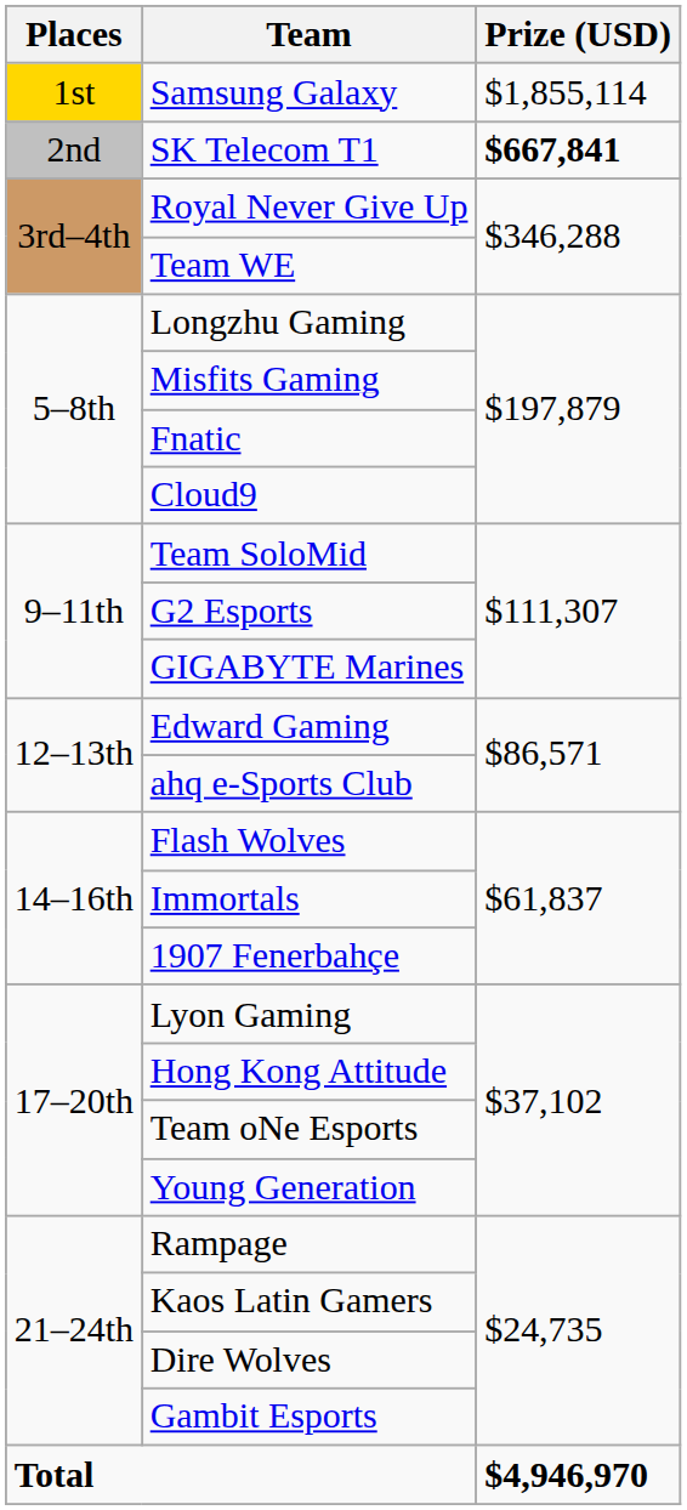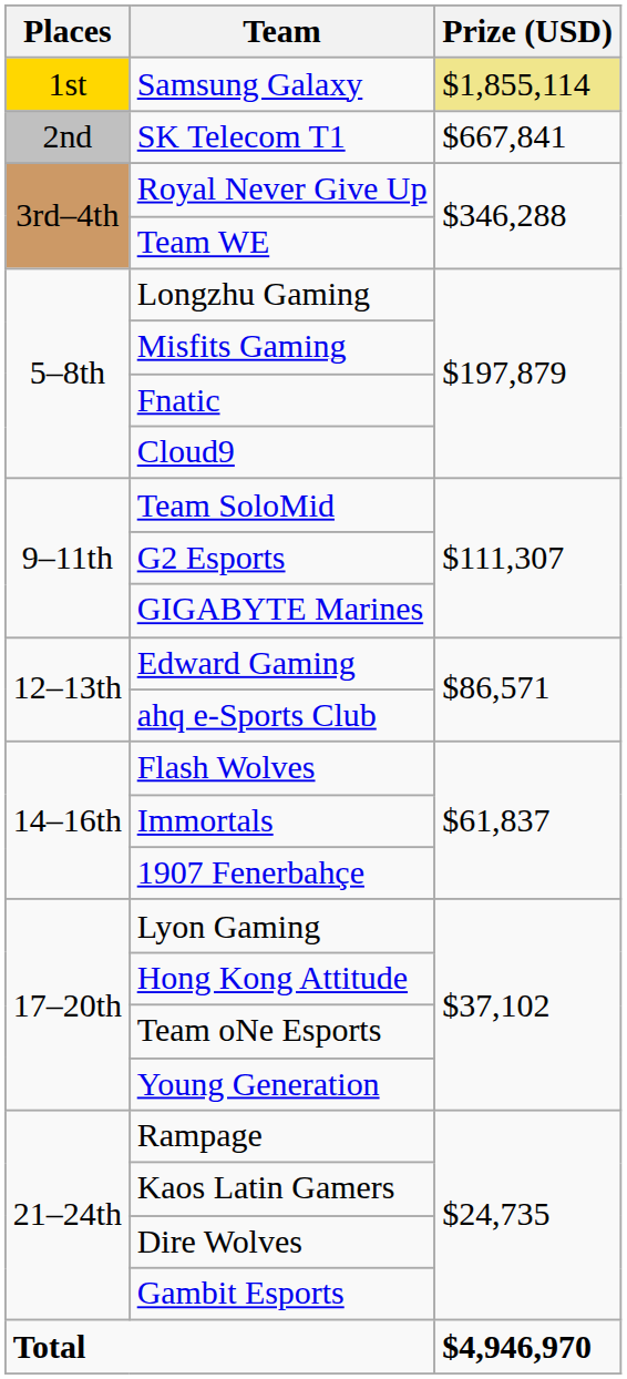 <table class="wikitable" style="text-align:left">
 <tr>
 <th>Places</th>
 <th>Team</th>
 <th>Prize (USD)</th>
 </tr>
 <tr>
 <td style="text-align:center; background:gold;">1st</td>
 <td><a href='#'>Samsung Galaxy</a></td>
-<td>$1,855,114</td>
+<td style="background: khaki;">$1,855,114</td>
 </tr>
 <tr>
 <td style="text-align:center; background:silver;">2nd</td>
 <td><a href='#'>SK Telecom T1</a></td>
-<td><strong>$667,841</strong></td>
+<td>$667,841</td>
 </tr>
 <tr>
 <td rowspan="2" style="text-align:center; background:#c96;">3rd–4th</td>
 <td><a href='#'>Royal Never Give Up</a></td>
 <td rowspan="2">$346,288</td>
 </tr>
 <tr>
 <td><a href='#'>Team WE</a></td>
 </tr>
 <tr>
 <td rowspan="4" style="text-align:center">5–8th</td>
 <td>Longzhu Gaming</td>
 <td rowspan="4">$197,879</td>
 </tr>
 <tr>
 <td><a href='#'>Misfits Gaming</a></td>
 </tr>
 <tr>
 <td><a href='#'>Fnatic</a></td>
 </tr>
 <tr>
 <td><a href='#'>Cloud9</a></td>
 </tr>
 <tr>
 <td rowspan="3" style="text-align:center">9–11th</td>
 <td><a href='#'>Team SoloMid</a></td>
 <td rowspan="3">$111,307</td>
 </tr>
 <tr>
 <td><a href='#'>G2 Esports</a></td>
 </tr>
 <tr>
 <td><a href='#'>GIGABYTE Marines</a></td>
 </tr>
 <tr>
 <td rowspan="2" style="text-align:center">12–13th</td>
 <td><a href='#'>Edward Gaming</a></td>
 <td rowspan="2">$86,571</td>
 </tr>
 <tr>
 <td><a href='#'>ahq e-Sports Club</a></td>
 </tr>
 <tr>
 <td rowspan="3" style="text-align:center">14–16th</td>
 <td><a href='#'>Flash Wolves</a></td>
 <td rowspan="3">$61,837</td>
 </tr>
 <tr>
 <td><a href='#'>Immortals</a></td>
 </tr>
 <tr>
 <td><a href='#'>1907 Fenerbahçe</a></td>
 </tr>
 <tr>
 <td rowspan="4" style="text-align:center">17–20th</td>
 <td>Lyon Gaming</td>
 <td rowspan="4">$37,102</td>
 </tr>
 <tr>
 <td><a href='#'>Hong Kong Attitude</a></td>
 </tr>
 <tr>
 <td>Team oNe Esports</td>
 </tr>
 <tr>
 <td><a href='#'>Young Generation</a></td>
 </tr>
 <tr>
 <td rowspan="4" style="text-align:center">21–24th</td>
 <td>Rampage</td>
 <td rowspan="4">$24,735</td>
 </tr>
 <tr>
 <td>Kaos Latin Gamers</td>
 </tr>
 <tr>
 <td>Dire Wolves</td>
 </tr>
 <tr>
 <td><a href='#'>Gambit Esports</a></td>
 </tr>
 <tr>
 <td colspan="2"><strong>Total</strong></td>
 <td><strong>$4,946,970</strong></td>
 </tr>
 </table>
